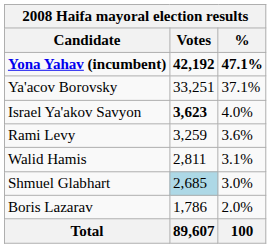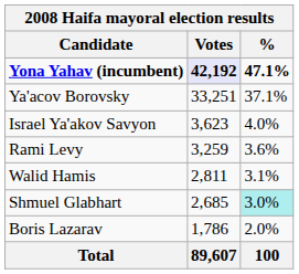 <table class="wikitable sortable">
 <tr>
 <th colspan="3"><strong>2008 Haifa mayoral election results</strong></th>
 </tr>
 <tr>
 <th>Candidate</th>
 <th>Votes</th>
 <th>%</th>
 </tr>
 <tr>
 <td><strong><a href='#'>Yona Yahav</a> (incumbent)</strong></td>
-<td><strong>42,192</strong></td>
+<td style="background: lavender;"><strong>42,192</strong></td>
 <td><strong>47.1%</strong></td>
 </tr>
 <tr>
 <td>Ya'acov Borovsky</td>
 <td>33,251</td>
 <td>37.1%</td>
 </tr>
 <tr>
 <td>Israel Ya'akov Savyon</td>
-<td><strong>3,623</strong></td>
+<td>3,623</td>
 <td>4.0%</td>
 </tr>
 <tr>
 <td>Rami Levy</td>
 <td>3,259</td>
 <td>3.6%</td>
 </tr>
 <tr>
 <td>Walid Hamis</td>
 <td>2,811</td>
 <td>3.1%</td>
 </tr>
 <tr>
 <td>Shmuel Glabhart</td>
-<td style="background: lightblue;">2,685</td>
-<td>3.0%</td>
+<td>2,685</td>
+<td style="background: paleturquoise;">3.0%</td>
 </tr>
 <tr>
 <td>Boris Lazarav</td>
 <td>1,786</td>
 <td>2.0%</td>
 </tr>
 <tr>
 <th>Total</th>
 <th>89,607</th>
 <th>100</th>
 </tr>
 </table>
